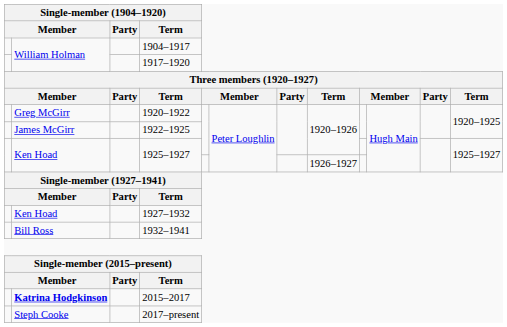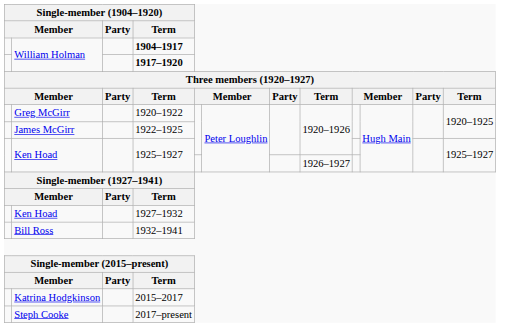 <table class="wikitable" style='border-style: none none none none;'>
 <tr>
 <th colspan="4">Single-member (1904–1920)</th>
 </tr>
 <tr>
 <th colspan="2">Member</th>
 <th>Party</th>
 <th>Term</th>
 </tr>
 <tr style="background: #f9f9f9">
 <td> </td>
 <td rowspan="2"><a href='#'>William Holman</a></td>
 <td></td>
-<td>1904–1917</td>
+<td><strong>1904–1917</strong></td>
 </tr>
 <tr style="background: #f9f9f9">
 <td> </td>
 <td></td>
-<td>1917–1920</td>
+<td><strong>1917–1920</strong></td>
 </tr>
 <tr>
 <th colspan="12">Three members (1920–1927)</th>
 </tr>
 <tr>
 <th colspan="2">Member</th>
 <th>Party</th>
 <th>Term</th>
 <th colspan="2">Member</th>
 <th>Party</th>
 <th>Term</th>
 <th colspan="2">Member</th>
 <th>Party</th>
 <th>Term</th>
 </tr>
 <tr style="background: #f9f9f9">
 <td> </td>
 <td><a href='#'>Greg McGirr</a></td>
 <td></td>
 <td>1920–1922</td>
 <td rowspan="3" > </td>
 <td rowspan="4"><a href='#'>Peter Loughlin</a></td>
 <td rowspan="3"></td>
 <td rowspan="3">1920–1926</td>
 <td rowspan="2" > </td>
 <td rowspan="4"><a href='#'>Hugh Main</a></td>
 <td rowspan="2"></td>
 <td rowspan="2">1920–1925</td>
 </tr>
 <tr style="background: #f9f9f9">
 <td> </td>
 <td><a href='#'>James McGirr</a></td>
 <td></td>
 <td>1922–1925</td>
 </tr>
 <tr style="background: #f9f9f9">
 <td rowspan="2" > <br> </td>
 <td rowspan="2"><a href='#'>Ken Hoad</a></td>
 <td rowspan="2"></td>
 <td rowspan="2">1925–1927</td>
 <td> </td>
 <td rowspan="2"></td>
 <td rowspan="2">1925–1927</td>
 </tr>
 <tr style="background: #f9f9f9">
 <td> </td>
 <td></td>
 <td>1926–1927</td>
 <td> </td>
 </tr>
 <tr>
 <th colspan="4">Single-member (1927–1941)</th>
 </tr>
 <tr>
 <th colspan="2">Member</th>
 <th>Party</th>
 <th>Term</th>
 </tr>
 <tr style="background: #f9f9f9">
 <td> </td>
 <td><a href='#'>Ken Hoad</a></td>
 <td></td>
 <td>1927–1932</td>
 </tr>
 <tr style="background: #f9f9f9">
 <td> </td>
 <td><a href='#'>Bill Ross</a></td>
 <td></td>
 <td>1932–1941</td>
 </tr>
 <tr>
 <td colspan="4" style='border-style: none none none none;'> </td>
 </tr>
 <tr>
 <th colspan="4">Single-member (2015–present)</th>
 </tr>
 <tr>
 <th colspan="2">Member</th>
 <th>Party</th>
 <th>Term</th>
 </tr>
 <tr style="background: #f9f9f9">
 <td> </td>
-<td><strong><a href='#'>Katrina Hodgkinson</a></strong></td>
+<td><a href='#'>Katrina Hodgkinson</a></td>
 <td></td>
 <td>2015–2017</td>
 </tr>
 <tr style="background: #f9f9f9">
 <td> </td>
 <td><a href='#'>Steph Cooke</a></td>
 <td></td>
 <td>2017–present</td>
 </tr>
 </table>
